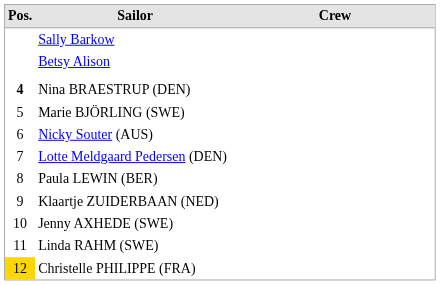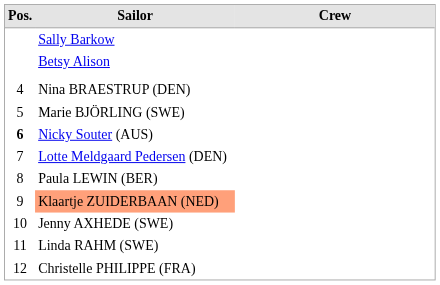 <table cellspacing="0" cellpadding="3" style="border:1px solid #AAAAAA;font-size:90%">
 <tr bgcolor="#E4E4E4">
 <th style="border-bottom:1px solid #AAAAAA" width=10>Pos.</th>
 <th style="border-bottom:1px solid #AAAAAA" width=200>Sailor</th>
 <th style="border-bottom:1px solid #AAAAAA" width=200>Crew</th>
 </tr>
 <tr>
 <td align="center"></td>
 <td><a href='#'>Sally Barkow</a></td>
 <td></td>
 </tr>
 <tr>
 <td align="center"></td>
 <td><a href='#'>Betsy Alison</a></td>
 <td></td>
 </tr>
 <tr>
 <td align="center"></td>
 <td></td>
 <td></td>
 </tr>
 <tr>
-<td align="center"><strong>4</strong></td>
+<td align="center">4</td>
 <td>Nina BRAESTRUP (DEN)</td>
 <td></td>
 </tr>
 <tr>
 <td align="center">5</td>
 <td>Marie BJÖRLING (SWE)</td>
 <td></td>
 </tr>
 <tr>
-<td align="center">6</td>
+<td align="center"><strong>6</strong></td>
 <td><a href='#'>Nicky Souter</a> (AUS)</td>
 <td></td>
 </tr>
 <tr>
 <td align="center">7</td>
 <td><a href='#'>Lotte Meldgaard Pedersen</a> (DEN)</td>
 <td></td>
 </tr>
 <tr>
 <td align="center">8</td>
 <td>Paula LEWIN (BER)</td>
 <td></td>
 </tr>
 <tr>
 <td align="center">9</td>
-<td>Klaartje ZUIDERBAAN (NED)</td>
+<td style="background: lightsalmon;">Klaartje ZUIDERBAAN (NED)</td>
 <td></td>
 </tr>
 <tr>
 <td align="center">10</td>
 <td>Jenny AXHEDE (SWE)</td>
 <td></td>
 </tr>
 <tr>
 <td align="center">11</td>
 <td>Linda RAHM (SWE)</td>
 <td></td>
 </tr>
 <tr>
-<td align="center" style="background: gold;">12</td>
+<td align="center">12</td>
 <td>Christelle PHILIPPE (FRA)</td>
 <td></td>
 </tr>
 <tr>
 </tr>
 </table>
